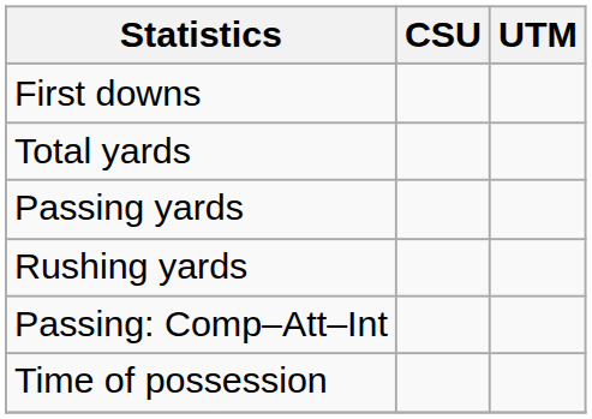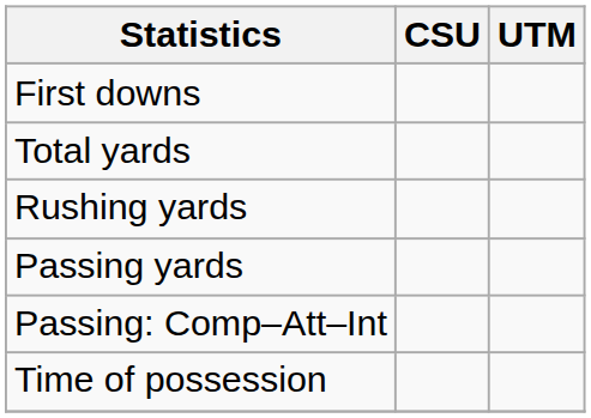 <table class="wikitable" style="float: left;">
 <tr>
 <th>Statistics</th>
 <th>CSU</th>
 <th>UTM</th>
 </tr>
 <tr>
 <td>First downs</td>
 <td></td>
 <td></td>
 </tr>
 <tr>
 <td>Total yards</td>
 <td></td>
 <td></td>
 </tr>
 <tr>
-<td>Passing yards</td>
+<td>Rushing yards</td>
 <td></td>
 <td></td>
 </tr>
 <tr>
-<td>Rushing yards</td>
+<td>Passing yards</td>
 <td></td>
 <td></td>
 </tr>
 <tr>
 <td>Passing: Comp–Att–Int</td>
 <td></td>
 <td></td>
 </tr>
 <tr>
 <td>Time of possession</td>
 <td></td>
 <td></td>
 </tr>
 <tr>
 </tr>
 </table>
